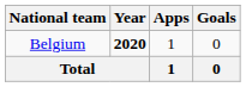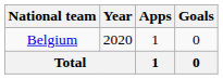 <table class=wikitable style=text-align:center>
 <tr>
 <th>National team</th>
 <th>Year</th>
 <th>Apps</th>
 <th>Goals</th>
 </tr>
 <tr>
 <td><a href='#'>Belgium</a></td>
-<td><strong>2020</strong></td>
+<td>2020</td>
 <td>1</td>
 <td>0</td>
 </tr>
 <tr>
 <th colspan="2">Total</th>
 <th>1</th>
 <th>0</th>
 </tr>
 </table>
